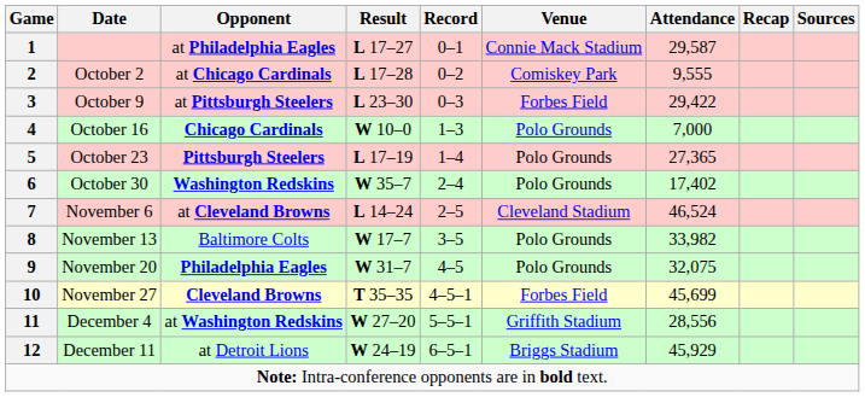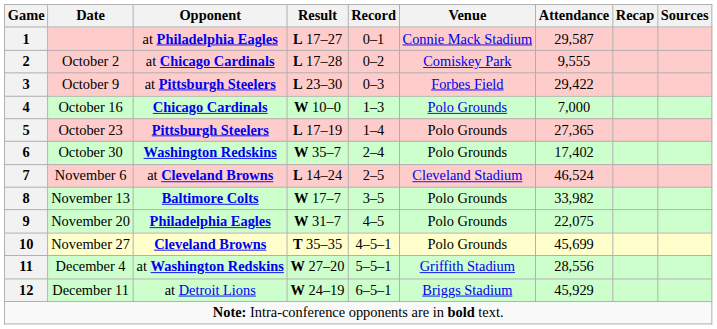 <table class="wikitable" style="text-align:center">
 <tr>
 <th>Game</th>
 <th>Date</th>
 <th>Opponent</th>
 <th>Result</th>
 <th>Record</th>
 <th>Venue</th>
 <th>Attendance</th>
 <th>Recap</th>
 <th>Sources</th>
 </tr>
 <tr style="background:#fcc">
 <th>1</th>
 <td></td>
 <td>at <strong><a href='#'>Philadelphia Eagles</a></strong></td>
 <td><strong>L</strong> 17–27</td>
 <td>0–1</td>
 <td><a href='#'>Connie Mack Stadium</a></td>
 <td>29,587</td>
 <td></td>
 <td></td>
 </tr>
 <tr style="background:#fcc">
 <th>2</th>
 <td>October 2</td>
 <td>at <strong><a href='#'>Chicago Cardinals</a></strong></td>
 <td><strong>L</strong> 17–28</td>
 <td>0–2</td>
 <td><a href='#'>Comiskey Park</a></td>
 <td>9,555</td>
 <td></td>
 <td></td>
 </tr>
 <tr style="background:#fcc">
 <th>3</th>
 <td>October 9</td>
 <td>at <strong><a href='#'>Pittsburgh Steelers</a></strong></td>
 <td><strong>L</strong> 23–30</td>
 <td>0–3</td>
 <td><a href='#'>Forbes Field</a></td>
 <td>29,422</td>
 <td></td>
 <td></td>
 </tr>
 <tr style="background:#cfc">
 <th>4</th>
 <td>October 16</td>
 <td><strong><a href='#'>Chicago Cardinals</a></strong></td>
 <td><strong>W</strong> 10–0</td>
 <td>1–3</td>
 <td><a href='#'>Polo Grounds</a></td>
 <td>7,000</td>
 <td></td>
 <td></td>
 </tr>
 <tr style="background:#fcc">
 <th>5</th>
 <td>October 23</td>
 <td><strong><a href='#'>Pittsburgh Steelers</a></strong></td>
 <td><strong>L</strong> 17–19</td>
 <td>1–4</td>
 <td>Polo Grounds</td>
 <td>27,365</td>
 <td></td>
 <td></td>
 </tr>
 <tr style="background:#cfc">
 <th>6</th>
 <td>October 30</td>
 <td><strong><a href='#'>Washington Redskins</a></strong></td>
 <td><strong>W</strong> 35–7</td>
 <td>2–4</td>
 <td>Polo Grounds</td>
 <td>17,402</td>
 <td></td>
 <td></td>
 </tr>
 <tr style="background:#fcc">
 <th>7</th>
 <td>November 6</td>
 <td>at <strong><a href='#'>Cleveland Browns</a></strong></td>
 <td><strong>L</strong> 14–24</td>
 <td>2–5</td>
 <td><a href='#'>Cleveland Stadium</a></td>
 <td>46,524</td>
 <td></td>
 <td></td>
 </tr>
 <tr style="background:#cfc">
 <th>8</th>
 <td>November 13</td>
-<td><a href='#'>Baltimore Colts</a></td>
+<td><strong><a href='#'>Baltimore Colts</a></strong></td>
 <td><strong>W</strong> 17–7</td>
 <td>3–5</td>
 <td>Polo Grounds</td>
 <td>33,982</td>
 <td></td>
 <td></td>
 </tr>
 <tr style="background:#cfc">
 <th>9</th>
 <td>November 20</td>
 <td><strong><a href='#'>Philadelphia Eagles</a></strong></td>
 <td><strong>W</strong> 31–7</td>
 <td>4–5</td>
 <td>Polo Grounds</td>
-<td>32,075</td>
+<td>22,075</td>
 <td></td>
 <td></td>
 </tr>
 <tr style="background:#ffc">
 <th>10</th>
 <td>November 27</td>
 <td><strong><a href='#'>Cleveland Browns</a></strong></td>
 <td><strong>T</strong> 35–35</td>
 <td>4–5–1</td>
-<td><a href='#'>Forbes Field</a></td>
+<td>Polo Grounds</td>
 <td>45,699</td>
 <td></td>
 <td></td>
 </tr>
 <tr style="background:#cfc">
 <th>11</th>
 <td>December 4</td>
 <td>at <strong><a href='#'>Washington Redskins</a></strong></td>
 <td><strong>W</strong> 27–20</td>
 <td>5–5–1</td>
 <td><a href='#'>Griffith Stadium</a></td>
 <td>28,556</td>
 <td></td>
 <td></td>
 </tr>
 <tr style="background:#cfc">
 <th>12</th>
 <td>December 11</td>
 <td>at <a href='#'>Detroit Lions</a></td>
 <td><strong>W</strong> 24–19</td>
 <td>6–5–1</td>
 <td><a href='#'>Briggs Stadium</a></td>
 <td>45,929</td>
 <td></td>
 <td></td>
 </tr>
 <tr>
 <td colspan="10"><strong>Note:</strong> Intra-conference opponents are in <strong>bold</strong> text.</td>
 </tr>
 </table>
